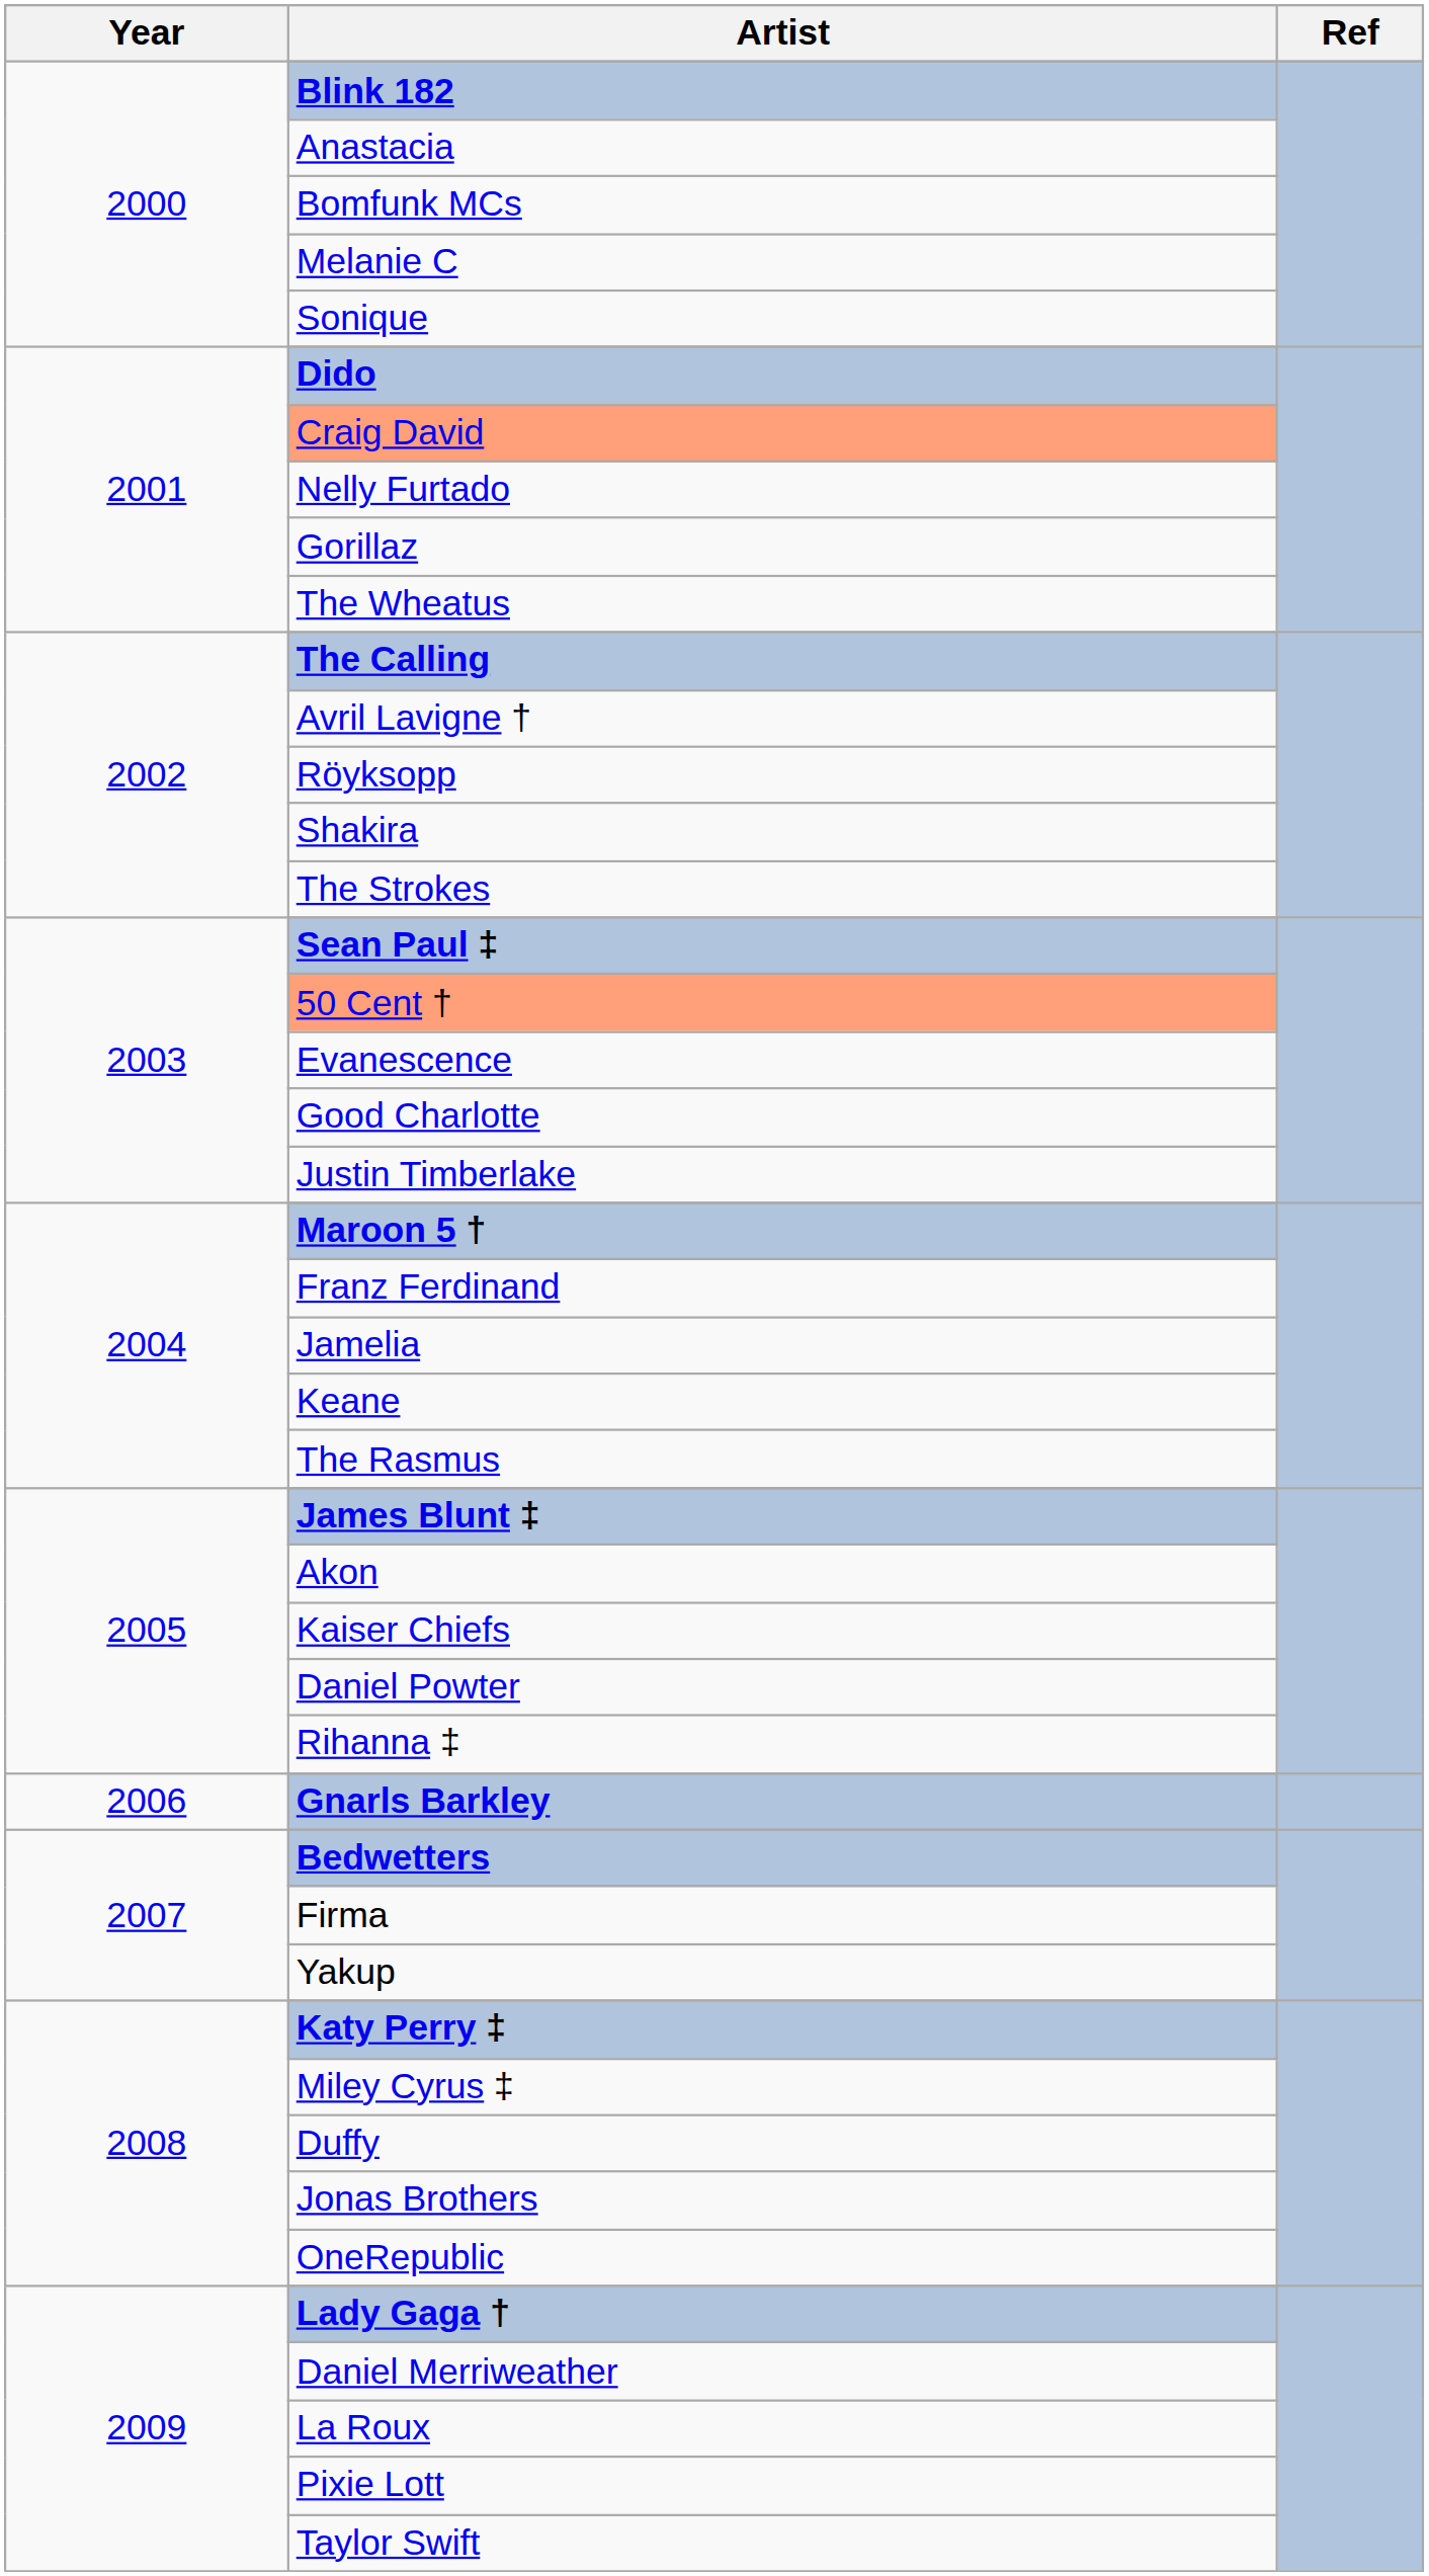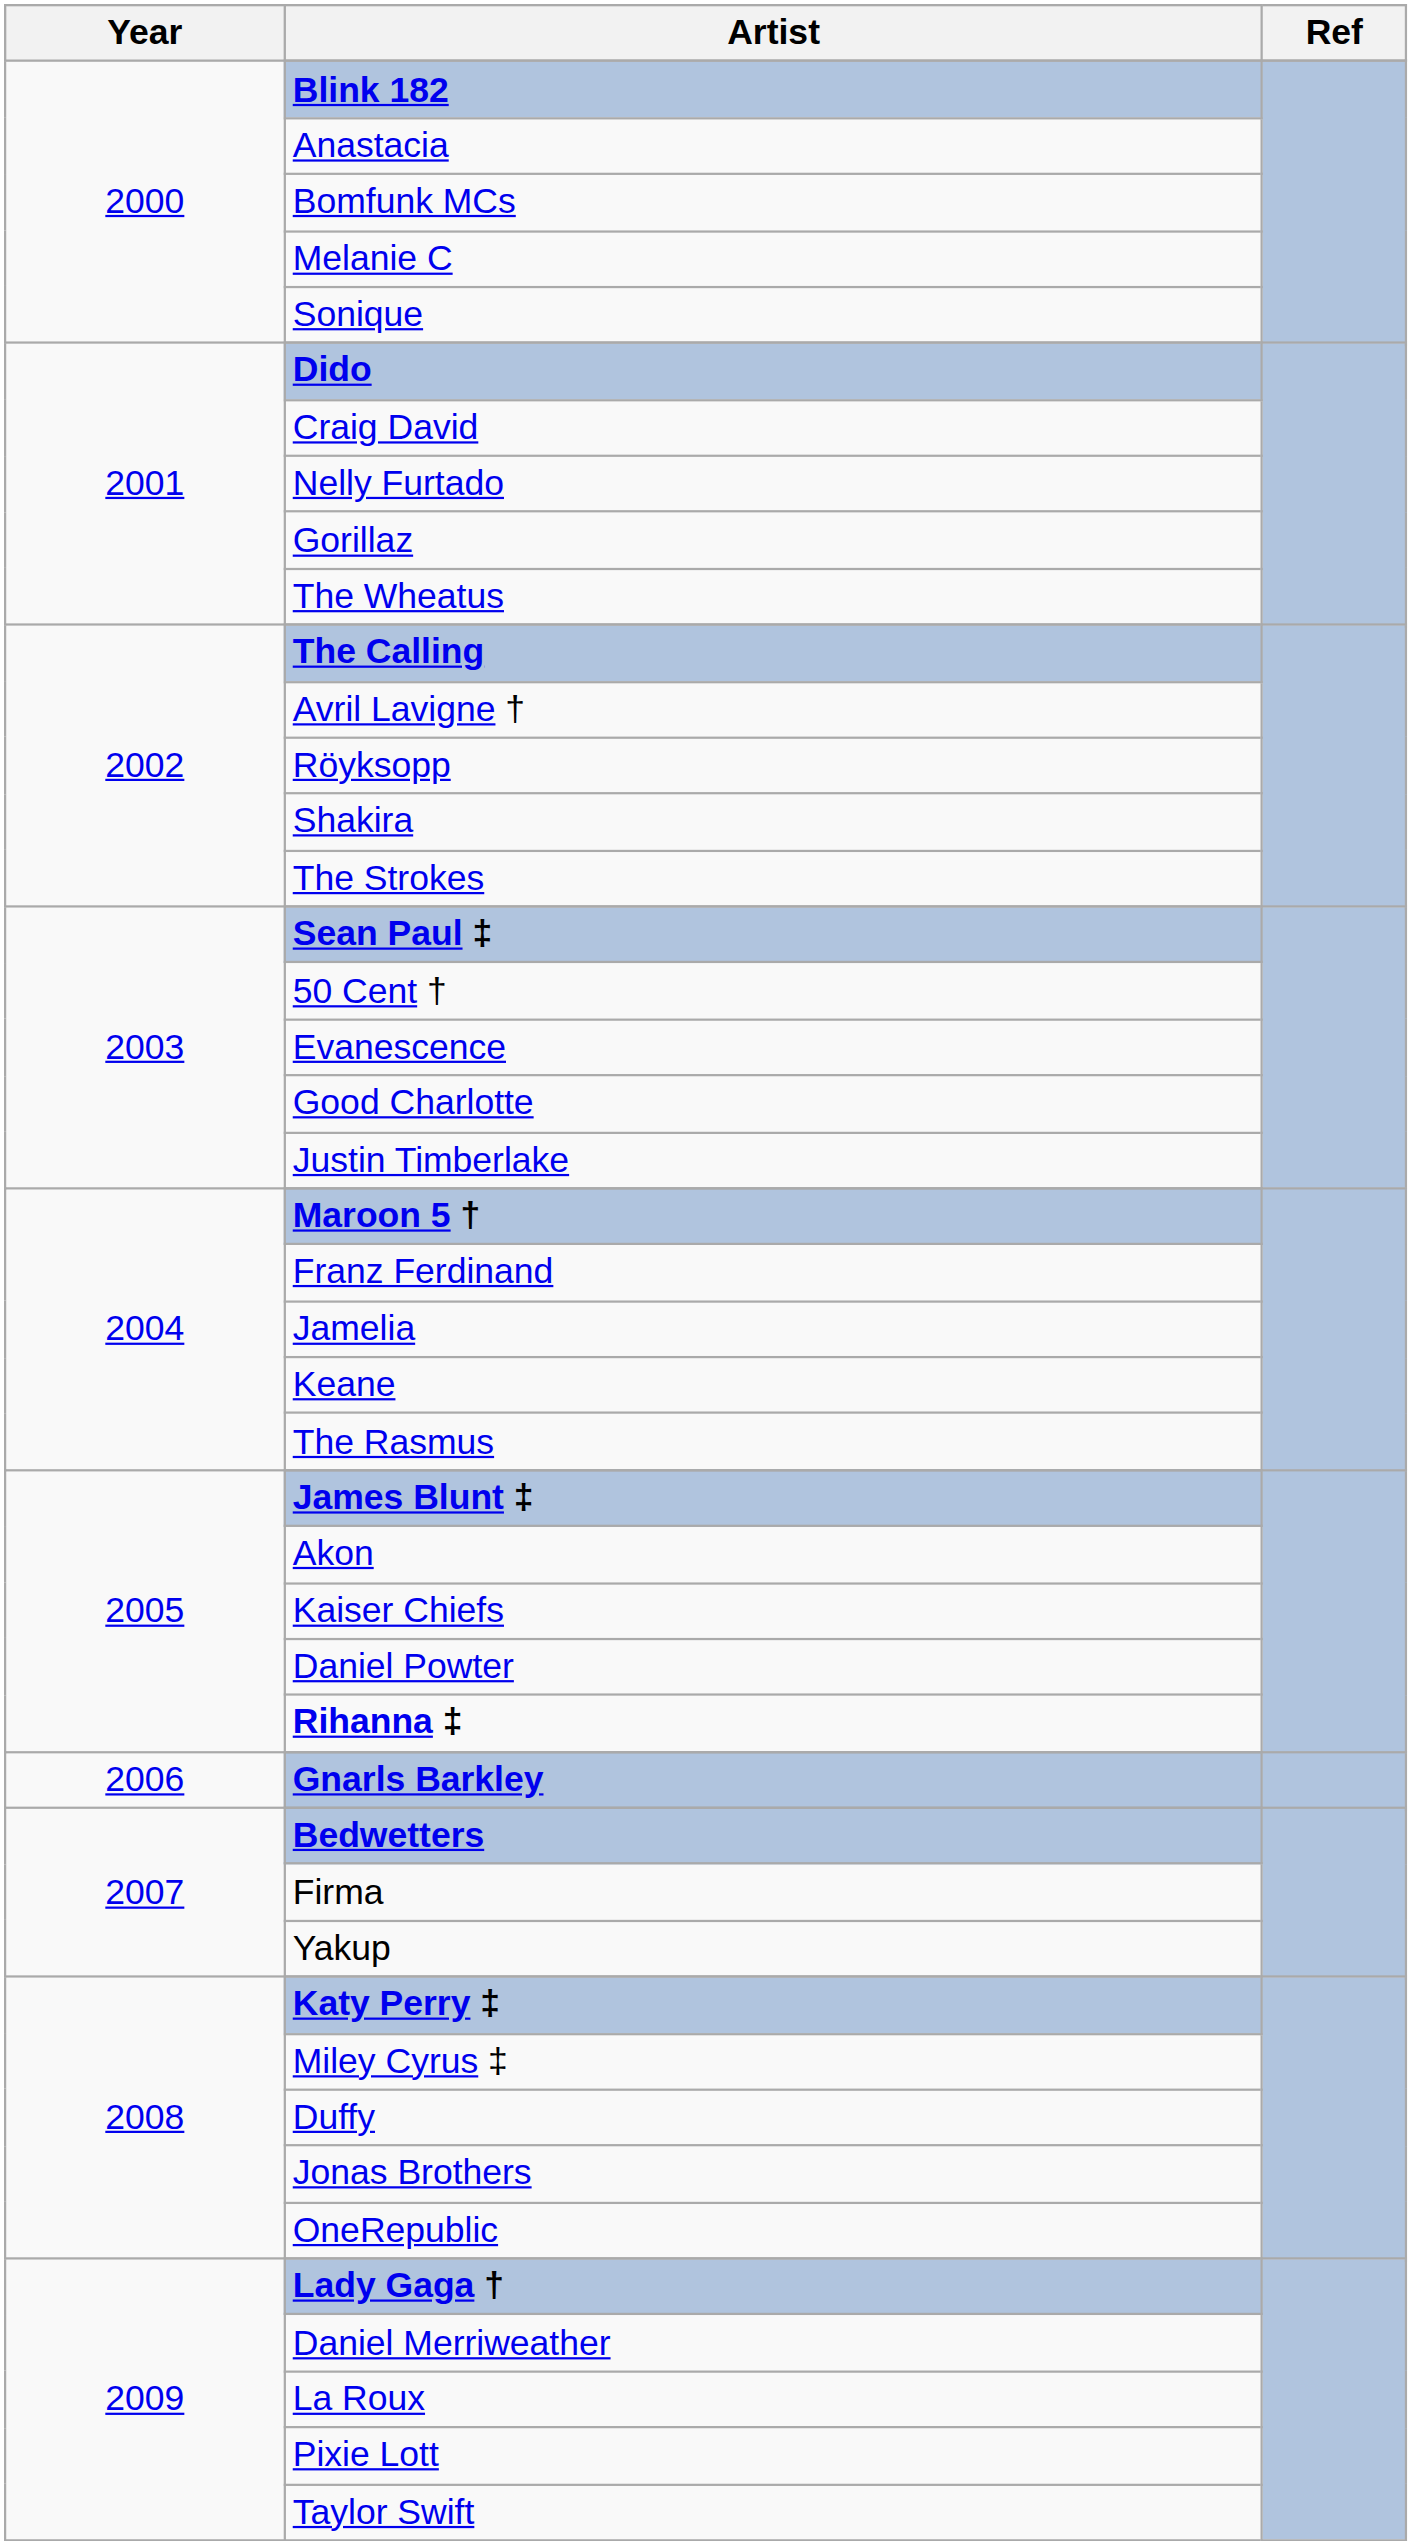 <table class="wikitable" style="width:50%;">
 <tr style="background:#bebebe;">
 <th style="width:10%;">Year</th>
 <th style="width:35%;">Artist</th>
 <th style="width:5%;">Ref</th>
 </tr>
 <tr>
 <td rowspan="6" align="center"><a href='#'>2000</a></td>
 </tr>
 <tr style="background:#B0C4DE">
 <td><strong><a href='#'>Blink 182</a></strong></td>
 <td rowspan="6" align="center"></td>
 </tr>
 <tr>
 <td><a href='#'>Anastacia</a></td>
 </tr>
 <tr>
 <td><a href='#'>Bomfunk MCs</a></td>
 </tr>
 <tr>
 <td><a href='#'>Melanie C</a></td>
 </tr>
 <tr>
 <td><a href='#'>Sonique</a></td>
 </tr>
 <tr>
 <td rowspan="6" align="center"><a href='#'>2001</a></td>
 </tr>
 <tr style="background:#B0C4DE">
 <td><strong><a href='#'>Dido</a></strong></td>
 <td rowspan="6" align="center"></td>
 </tr>
 <tr>
-<td style="background: lightsalmon;"><a href='#'>Craig David</a></td>
+<td><a href='#'>Craig David</a></td>
 </tr>
 <tr>
 <td><a href='#'>Nelly Furtado</a></td>
 </tr>
 <tr>
 <td><a href='#'>Gorillaz</a></td>
 </tr>
 <tr>
 <td><a href='#'>The Wheatus</a></td>
 </tr>
 <tr>
 <td rowspan="6" align="center"><a href='#'>2002</a></td>
 </tr>
 <tr style="background:#B0C4DE">
 <td><strong><a href='#'>The Calling</a></strong></td>
 <td rowspan="6" align="center"></td>
 </tr>
 <tr>
 <td><a href='#'>Avril Lavigne</a> †</td>
 </tr>
 <tr>
 <td><a href='#'>Röyksopp</a></td>
 </tr>
 <tr>
 <td><a href='#'>Shakira</a></td>
 </tr>
 <tr>
 <td><a href='#'>The Strokes</a></td>
 </tr>
 <tr>
 <td rowspan="6" align="center"><a href='#'>2003</a></td>
 </tr>
 <tr style="background:#B0C4DE">
 <td><strong><a href='#'>Sean Paul</a> ‡</strong></td>
 <td rowspan="6" align="center"></td>
 </tr>
 <tr>
-<td style="background: lightsalmon;"><a href='#'>50 Cent</a> †</td>
+<td><a href='#'>50 Cent</a> †</td>
 </tr>
 <tr>
 <td><a href='#'>Evanescence</a></td>
 </tr>
 <tr>
 <td><a href='#'>Good Charlotte</a></td>
 </tr>
 <tr>
 <td><a href='#'>Justin Timberlake</a></td>
 </tr>
 <tr>
 <td rowspan="6" align="center"><a href='#'>2004</a></td>
 </tr>
 <tr style="background:#B0C4DE">
 <td><strong><a href='#'>Maroon 5</a> †</strong></td>
 <td rowspan="6" align="center"></td>
 </tr>
 <tr>
 <td><a href='#'>Franz Ferdinand</a></td>
 </tr>
 <tr>
 <td><a href='#'>Jamelia</a></td>
 </tr>
 <tr>
 <td><a href='#'>Keane</a></td>
 </tr>
 <tr>
 <td><a href='#'>The Rasmus</a></td>
 </tr>
 <tr>
 <td rowspan="6" align="center"><a href='#'>2005</a></td>
 </tr>
 <tr style="background:#B0C4DE">
 <td><strong><a href='#'>James Blunt</a> ‡</strong></td>
 <td rowspan="6" align="center"></td>
 </tr>
 <tr>
 <td><a href='#'>Akon</a></td>
 </tr>
 <tr>
 <td><a href='#'>Kaiser Chiefs</a></td>
 </tr>
 <tr>
 <td><a href='#'>Daniel Powter</a></td>
 </tr>
 <tr>
-<td><a href='#'>Rihanna</a> ‡</td>
+<td><strong><a href='#'>Rihanna</a> ‡</strong></td>
 </tr>
 <tr>
 <td rowspan="2" align="center"><a href='#'>2006</a></td>
 </tr>
 <tr style="background:#B0C4DE">
 <td><strong><a href='#'>Gnarls Barkley</a></strong></td>
 <td rowspan="2" align="center"></td>
 </tr>
 <tr>
 <td rowspan="4" align="center"><a href='#'>2007</a></td>
 </tr>
 <tr style="background:#B0C4DE">
 <td><strong><a href='#'>Bedwetters</a></strong></td>
 <td rowspan="4" align="center"></td>
 </tr>
 <tr>
 <td>Firma</td>
 </tr>
 <tr>
 <td>Yakup</td>
 </tr>
 <tr>
 <td rowspan="6" align="center"><a href='#'>2008</a></td>
 </tr>
 <tr style="background:#B0C4DE">
 <td><strong><a href='#'>Katy Perry</a> ‡</strong></td>
 <td rowspan="6" align="center"></td>
 </tr>
 <tr>
 <td><a href='#'>Miley Cyrus</a> ‡</td>
 </tr>
 <tr>
 <td><a href='#'>Duffy</a></td>
 </tr>
 <tr>
 <td><a href='#'>Jonas Brothers</a></td>
 </tr>
 <tr>
 <td><a href='#'>OneRepublic</a></td>
 </tr>
 <tr>
 <td rowspan="6" align="center"><a href='#'>2009</a></td>
 </tr>
 <tr style="background:#B0C4DE">
 <td><strong><a href='#'>Lady Gaga</a> †</strong></td>
 <td rowspan="6" align="center"></td>
 </tr>
 <tr>
 <td><a href='#'>Daniel Merriweather</a></td>
 </tr>
 <tr>
 <td><a href='#'>La Roux</a></td>
 </tr>
 <tr>
 <td><a href='#'>Pixie Lott</a></td>
 </tr>
 <tr>
 <td><a href='#'>Taylor Swift</a></td>
 </tr>
 </table>
